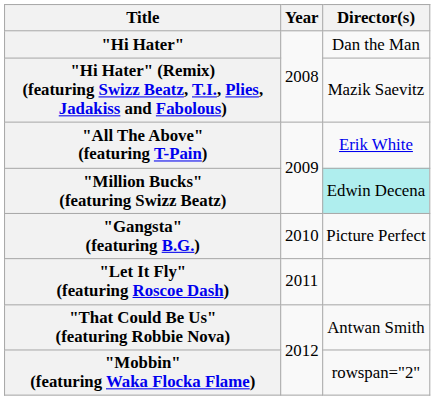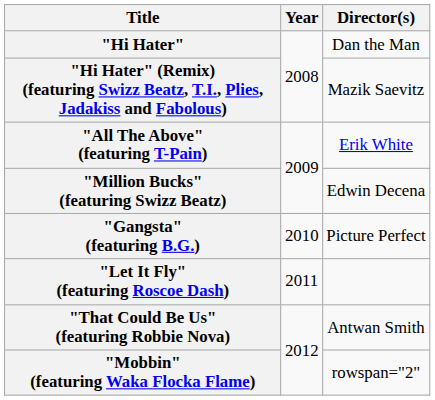 <table class="wikitable plainrowheaders" style="text-align:center;">
 <tr>
 <th scope="col" style="width:16em;">Title</th>
 <th scope="col">Year</th>
 <th scope="col">Director(s)</th>
 </tr>
 <tr>
 <th scope="row">"Hi Hater"</th>
 <td rowspan="2">2008</td>
 <td>Dan the Man</td>
 </tr>
 <tr>
 <th scope="row">"Hi Hater" (Remix)<br><span>(featuring <a href='#'>Swizz Beatz</a>, <a href='#'>T.I.</a>, <a href='#'>Plies</a>, <a href='#'>Jadakiss</a> and <a href='#'>Fabolous</a>)</span></th>
 <td>Mazik Saevitz</td>
 </tr>
 <tr>
 <th scope="row">"All The Above"<br><span>(featuring <a href='#'>T-Pain</a>)</span></th>
 <td rowspan="2">2009</td>
 <td><a href='#'>Erik White</a></td>
 </tr>
 <tr>
 <th scope="row">"Million Bucks"<br><span>(featuring Swizz Beatz)</span></th>
-<td style="background: paleturquoise;">Edwin Decena</td>
+<td>Edwin Decena</td>
 </tr>
 <tr>
 <th scope="row">"Gangsta"<br><span>(featuring <a href='#'>B.G.</a>)</span></th>
 <td>2010</td>
 <td>Picture Perfect</td>
 </tr>
 <tr>
 <th scope="row">"Let It Fly"<br><span>(featuring <a href='#'>Roscoe Dash</a>)</span></th>
 <td>2011</td>
 </tr>
 <tr>
 <th scope="row">"That Could Be Us"<br><span>(featuring Robbie Nova)</span></th>
 <td rowspan="2">2012</td>
 <td>Antwan Smith</td>
 </tr>
 <tr>
 <th scope="row">"Mobbin"<br><span>(featuring <a href='#'>Waka Flocka Flame</a>)</span></th>
 <td>rowspan="2" </td>
 </tr>
 </table>
